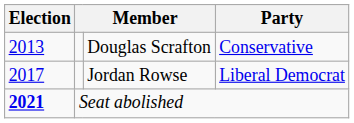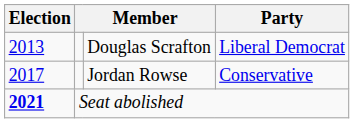 <table class="wikitable">
 <tr>
 <th>Election</th>
 <th colspan="2">Member</th>
 <th>Party</th>
 </tr>
 <tr>
 <td><a href='#'>2013</a></td>
 <td rowspan="1" style="background-color: "></td>
 <td rowspan="1">Douglas Scrafton</td>
-<td rowspan="1"><a href='#'>Conservative</a></td>
+<td rowspan="1"><a href='#'>Liberal Democrat</a></td>
 </tr>
 <tr>
 <td><a href='#'>2017</a></td>
 <td rowspan="1" style="background-color: "></td>
 <td rowspan="1">Jordan Rowse</td>
-<td rowspan="1"><a href='#'>Liberal Democrat</a></td>
+<td rowspan="1"><a href='#'>Conservative</a></td>
 </tr>
 <tr>
 <td><strong><a href='#'>2021</a></strong></td>
 <td colspan="3"><em>Seat abolished</em></td>
 </tr>
 </table>
